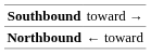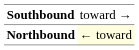 <table border="1" cellspacing="0" cellpadding="3" frame="hsides" rules="rows">
 <tr>
 <th><span>Southbound</span></th>
 <td>  toward  →</td>
 </tr>
 <tr>
 <th><span>Northbound</span></th>
-<td>←  toward </td>
+<td style="background: lightyellow;">←  toward </td>
 </tr>
 </table>
